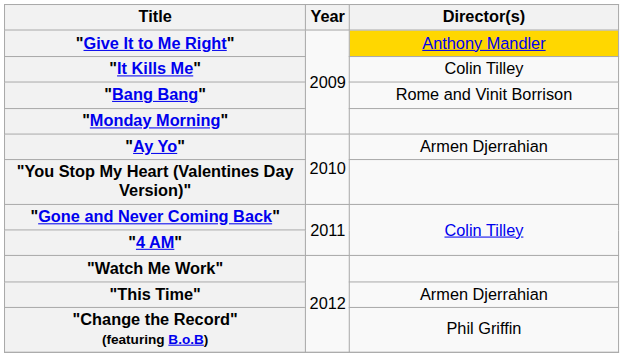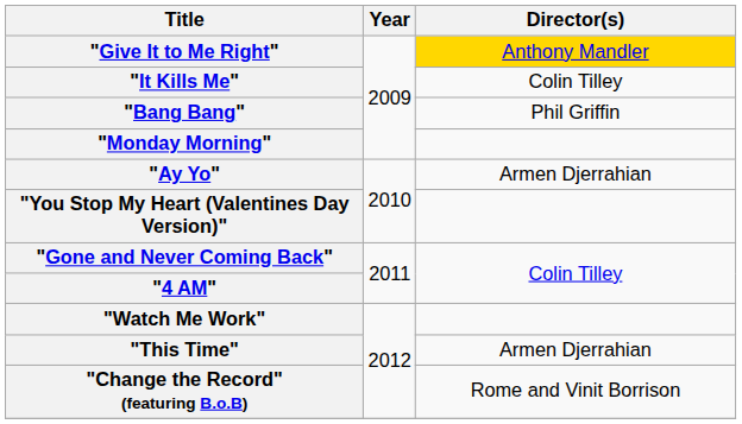 <table class="wikitable plainrowheaders" style="text-align:center;">
 <tr>
 <th scope="col" style="width:18em;">Title</th>
 <th scope="col">Year</th>
 <th scope="col" style="width:16em;">Director(s)</th>
 </tr>
 <tr>
 <th scope="row">"<a href='#'>Give It to Me Right</a>"</th>
 <td rowspan="4">2009</td>
 <td style="background: gold;"><a href='#'>Anthony Mandler</a></td>
 </tr>
 <tr>
 <th scope="row">"<a href='#'>It Kills Me</a>"</th>
 <td>Colin Tilley</td>
 </tr>
 <tr>
 <th scope="row">"<a href='#'>Bang Bang</a>"</th>
-<td>Rome and Vinit Borrison</td>
+<td>Phil Griffin</td>
 </tr>
 <tr>
 <th scope="row">"<a href='#'>Monday Morning</a>"</th>
 <td></td>
 </tr>
 <tr>
 <th scope="row">"<a href='#'>Ay Yo</a>"</th>
 <td rowspan="2">2010</td>
 <td>Armen Djerrahian</td>
 </tr>
 <tr>
 <th scope="row">"You Stop My Heart (Valentines Day Version)"</th>
 <td></td>
 </tr>
 <tr>
 <th scope="row">"<a href='#'>Gone and Never Coming Back</a>"</th>
 <td rowspan="2">2011</td>
 <td rowspan="2"><a href='#'>Colin Tilley</a></td>
 </tr>
 <tr>
 <th scope="row">"<a href='#'>4 AM</a>"</th>
 </tr>
 <tr>
 <th scope="row">"Watch Me Work"</th>
 <td rowspan="3">2012</td>
 <td></td>
 </tr>
 <tr>
 <th scope="row">"This Time"</th>
 <td>Armen Djerrahian</td>
 </tr>
 <tr>
 <th scope="row">"Change the Record"<br><small>(featuring <a href='#'>B.o.B</a>)</small></th>
-<td>Phil Griffin</td>
+<td>Rome and Vinit Borrison</td>
 </tr>
 <tr>
 </tr>
 </table>
